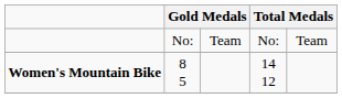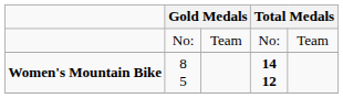 <table class="wikitable" style="text-align: center; font-size:95%;">
 <tr>
 <td></td>
 <th colspan=2>Gold Medals</th>
 <th colspan=2>Total Medals</th>
 </tr>
 <tr>
 <td></td>
 <td>No:</td>
 <td>Team</td>
 <td>No:</td>
 <td>Team</td>
 </tr>
 <tr>
 </tr>
 <tr>
 <td><strong>Women's Mountain Bike</strong></td>
 <td>8 <br> 5</td>
 <td align="left"> <br> </td>
-<td>14 <br> 12</td>
+<td><strong>14 <br> 12</strong></td>
 <td align="left"> <br> </td>
 </tr>
 <tr>
 </tr>
 </table>
